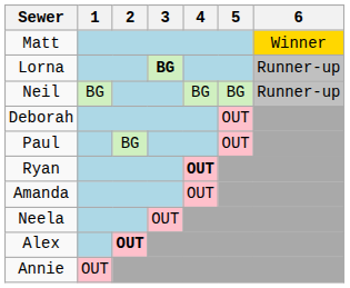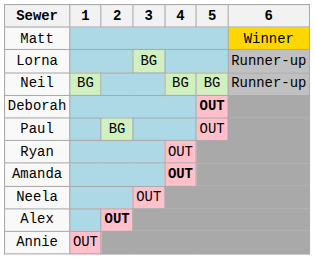 <table class="wikitable" style="text-align:center">
 <tr>
 <th>Sewer</th>
 <th>1</th>
 <th>2</th>
 <th>3</th>
 <th>4</th>
 <th>5</th>
 <th>6</th>
 </tr>
 <tr>
 <td>Matt</td>
 <td colspan="5" style="background:Lightblue;"></td>
 <td style="background:Gold;">Winner</td>
 </tr>
 <tr>
 <td>Lorna</td>
 <td colspan="2" style="background:Lightblue;"></td>
-<td style="background:#d0f0c0;"><strong>BG</strong></td>
+<td style="background:#d0f0c0;">BG</td>
 <td colspan="2" style="background:Lightblue;"></td>
 <td style="background:silver;">Runner-up</td>
 </tr>
 <tr>
 <td>Neil</td>
 <td style="background:#d0f0c0;">BG</td>
 <td colspan="2" style="background:Lightblue;"></td>
 <td style="background:#d0f0c0;">BG</td>
 <td style="background:#d0f0c0;">BG</td>
 <td style="background:silver;">Runner-up</td>
 </tr>
 <tr>
 <td>Deborah</td>
 <td colspan="4" style="background:Lightblue;"></td>
-<td style="background:Pink;">OUT</td>
+<td style="background:Pink;"><strong>OUT</strong></td>
 <td colspan="1" style="background:darkgrey;"></td>
 </tr>
 <tr>
 <td>Paul</td>
 <td style="background:Lightblue;"></td>
 <td style="background:#d0f0c0;">BG</td>
 <td colspan="2" style="background:Lightblue;"></td>
 <td style="background:Pink;">OUT</td>
 <td colspan="1" style="background:darkgrey;"></td>
 </tr>
 <tr>
 <td>Ryan</td>
 <td colspan="3" style="background:Lightblue;"></td>
-<td style="background:Pink;"><strong>OUT</strong></td>
+<td style="background:Pink;">OUT</td>
 <td colspan="2" style="background:darkgrey;"></td>
 </tr>
 <tr>
 <td>Amanda</td>
 <td colspan="3" style="background:Lightblue;"></td>
-<td style="background:Pink;">OUT</td>
+<td style="background:Pink;"><strong>OUT</strong></td>
 <td colspan="2" style="background:darkgrey;"></td>
 </tr>
 <tr>
 <td>Neela</td>
 <td colspan="2" style="background:Lightblue;"></td>
 <td style="background:Pink;">OUT</td>
 <td colspan="3" style="background:darkgrey;"></td>
 </tr>
 <tr>
 <td>Alex</td>
 <td style="background:Lightblue;"></td>
 <td style="background:Pink;"><strong>OUT</strong></td>
 <td colspan="4" style="background:darkgrey;"></td>
 </tr>
 <tr>
 <td>Annie</td>
 <td style="background:Pink;">OUT</td>
 <td colspan="5" style="background:darkgrey;"></td>
 </tr>
 </table>
